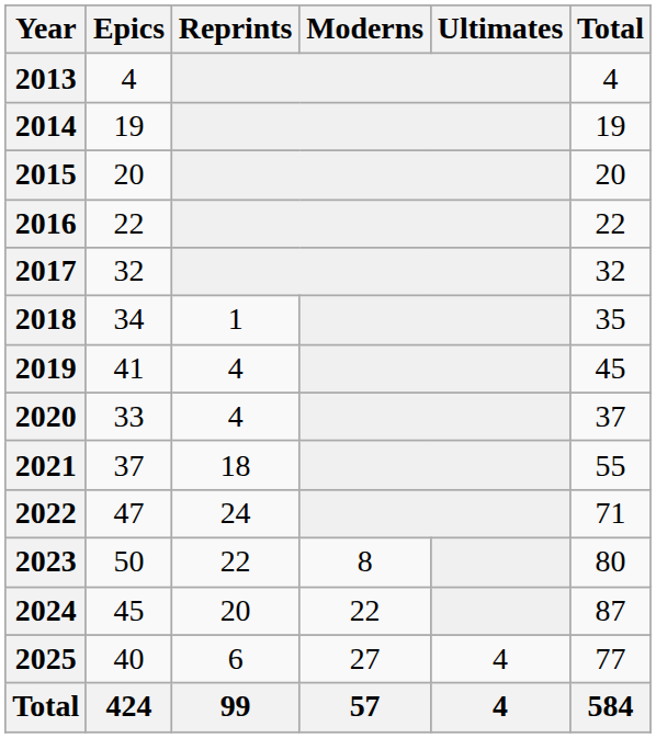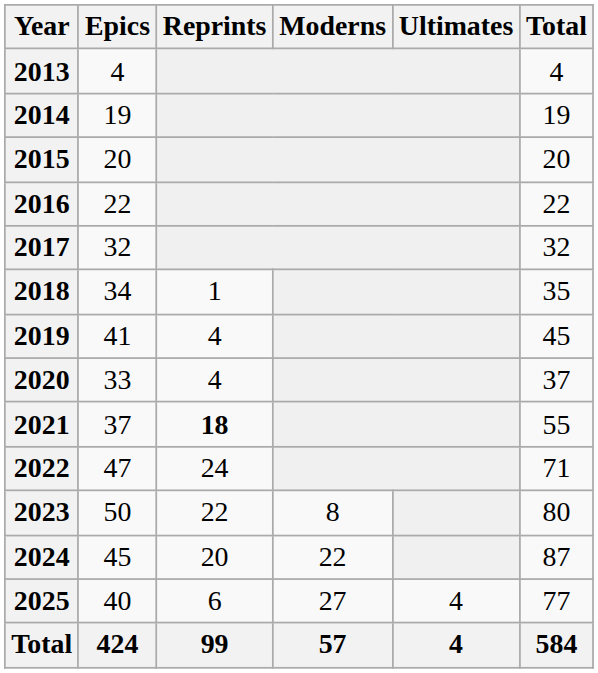 <table class="wikitable sortable" style="text-align: center">
 <tr>
 <th>Year</th>
 <th>Epics</th>
 <th>Reprints</th>
 <th>Moderns</th>
 <th>Ultimates</th>
 <th>Total</th>
 </tr>
 <tr>
 <th scope=col>2013</th>
 <td>4</td>
 <td colspan=3 style="background-color: #F0F0F0;"></td>
 <td>4</td>
 </tr>
 <tr>
 <th scope=col>2014</th>
 <td>19</td>
 <td colspan=3 style="background-color: #F0F0F0;"></td>
 <td>19</td>
 </tr>
 <tr>
 <th scope=col>2015</th>
 <td>20</td>
 <td colspan=3 style="background-color: #F0F0F0;"></td>
 <td>20</td>
 </tr>
 <tr>
 <th scope=col>2016</th>
 <td>22</td>
 <td colspan=3 style="background-color: #F0F0F0;"></td>
 <td>22</td>
 </tr>
 <tr>
 <th scope=col>2017</th>
 <td>32</td>
 <td colspan=3 style="background-color: #F0F0F0;"></td>
 <td>32</td>
 </tr>
 <tr>
 <th scope=col>2018</th>
 <td>34</td>
 <td>1</td>
 <td colspan=2 style="background-color: #F0F0F0;"></td>
 <td>35</td>
 </tr>
 <tr>
 <th scope=col>2019</th>
 <td>41</td>
 <td>4</td>
 <td colspan=2 style="background-color: #F0F0F0;"></td>
 <td>45</td>
 </tr>
 <tr>
 <th scope=col>2020</th>
 <td>33</td>
 <td>4</td>
 <td colspan=2 style="background-color: #F0F0F0;"></td>
 <td>37</td>
 </tr>
 <tr>
 <th scope=col>2021</th>
 <td>37</td>
-<td>18</td>
+<td><strong>18</strong></td>
 <td colspan=2 style="background-color: #F0F0F0;"></td>
 <td>55</td>
 </tr>
 <tr>
 <th scope=col>2022</th>
 <td>47</td>
 <td>24</td>
 <td colspan=2 style="background-color: #F0F0F0;"></td>
 <td>71</td>
 </tr>
 <tr>
 <th scope=col>2023</th>
 <td>50</td>
 <td>22</td>
 <td>8</td>
 <td style="background-color: #F0F0F0;"></td>
 <td>80</td>
 </tr>
 <tr>
 <th scope=col>2024</th>
 <td>45</td>
 <td>20</td>
 <td>22</td>
 <td style="background-color: #F0F0F0;"></td>
 <td>87</td>
 </tr>
 <tr>
 <th scope=col>2025</th>
 <td>40</td>
 <td>6</td>
 <td>27</td>
 <td>4</td>
 <td>77</td>
 </tr>
 <tr>
 <th scope=col><strong>Total</strong></th>
 <th scope=col>424</th>
 <th scope=col>99</th>
 <th scope=col>57</th>
 <th scope=col>4</th>
 <th scope=col>584</th>
 </tr>
 </table>
